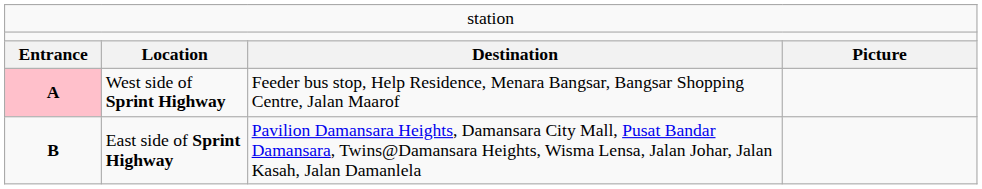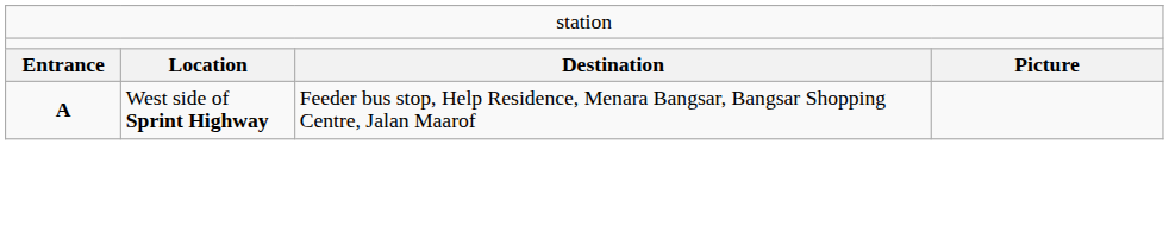 <table class="wikitable" style="width:70%">
 <tr>
 <td colspan="4" align="center"> station</td>
 </tr>
 <tr>
 <td colspan="4" align="center"></td>
 </tr>
 <tr>
 <th style="width:10%">Entrance</th>
 <th style="width:15%">Location</th>
 <th style="width:55%">Destination</th>
 <th style="width:20%">Picture</th>
 </tr>
 <tr>
-<td align="center" style="background: pink;"><strong><span>A</span></strong></td>
+<td align="center"><strong><span>A</span></strong></td>
 <td>West side of <strong>Sprint Highway</strong></td>
 <td>Feeder bus stop, Help Residence, Menara Bangsar, Bangsar Shopping Centre, Jalan Maarof</td>
 <td></td>
 </tr>
-<tr>
-<td align="center"><strong><span>B</span></strong></td>
-<td>East side of <strong>Sprint Highway</strong></td>
-<td><a href='#'>Pavilion Damansara Heights</a>, Damansara City Mall, <a href='#'>Pusat Bandar Damansara</a>, Twins@Damansara Heights, Wisma Lensa, Jalan Johar, Jalan Kasah, Jalan Damanlela</td>
-<td></td>
-</tr>
 </table>
